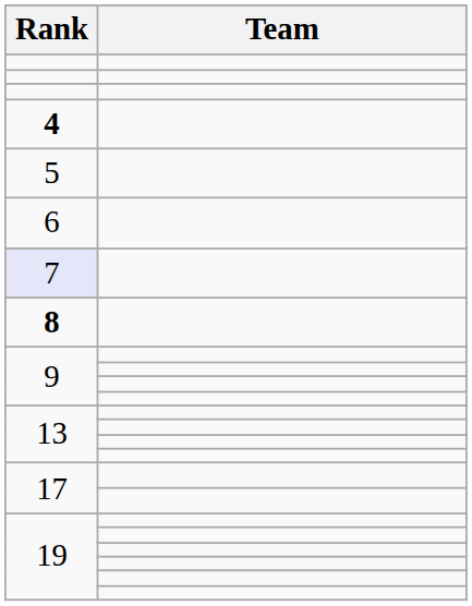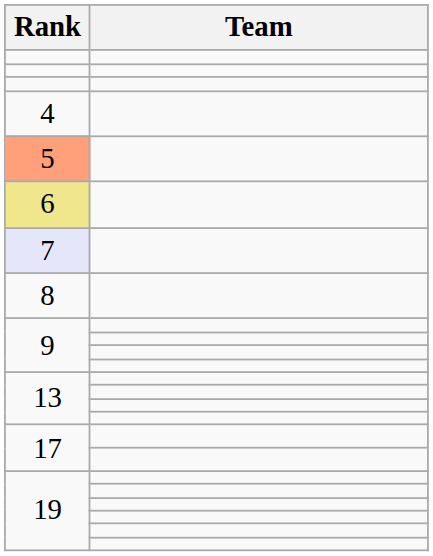 <table class="wikitable" style="text-align: center;">
 <tr>
 <th width=40>Rank</th>
 <th width=180>Team</th>
 </tr>
 <tr>
 <td></td>
 <td style="text-align:left;"></td>
 </tr>
 <tr>
 <td></td>
 <td style="text-align:left;"></td>
 </tr>
 <tr>
 <td></td>
 <td style="text-align:left;"></td>
 </tr>
 <tr>
-<td><strong>4</strong></td>
+<td>4</td>
 <td style="text-align:left;"></td>
 </tr>
 <tr>
-<td>5</td>
+<td style="background: lightsalmon;">5</td>
 <td style="text-align:left;"></td>
 </tr>
 <tr>
-<td>6</td>
+<td style="background: khaki;">6</td>
 <td style="text-align:left;"></td>
 </tr>
 <tr>
 <td style="background: lavender;">7</td>
 <td style="text-align:left;"></td>
 </tr>
 <tr>
-<td><strong>8</strong></td>
+<td>8</td>
 <td style="text-align:left;"></td>
 </tr>
 <tr>
 <td rowspan=4>9</td>
 <td style="text-align:left;"></td>
 </tr>
 <tr>
 <td style="text-align:left;"></td>
 </tr>
 <tr>
 <td style="text-align:left;"></td>
 </tr>
 <tr>
 <td style="text-align:left;"></td>
 </tr>
 <tr>
 <td rowspan=4>13</td>
 <td style="text-align:left;"></td>
 </tr>
 <tr>
 <td style="text-align:left;"></td>
 </tr>
 <tr>
 <td style="text-align:left;"></td>
 </tr>
 <tr>
 <td style="text-align:left;"></td>
 </tr>
 <tr>
 <td rowspan=2>17</td>
 <td style="text-align:left;"></td>
 </tr>
 <tr>
 <td style="text-align:left;"></td>
 </tr>
 <tr>
 <td rowspan=6>19</td>
 <td style="text-align:left;"></td>
 </tr>
 <tr>
 <td style="text-align:left;"></td>
 </tr>
 <tr>
 <td style="text-align:left;"></td>
 </tr>
 <tr>
 <td style="text-align:left;"></td>
 </tr>
 <tr>
 <td style="text-align:left;"></td>
 </tr>
 <tr>
 <td style="text-align:left;"></td>
 </tr>
 </table>
